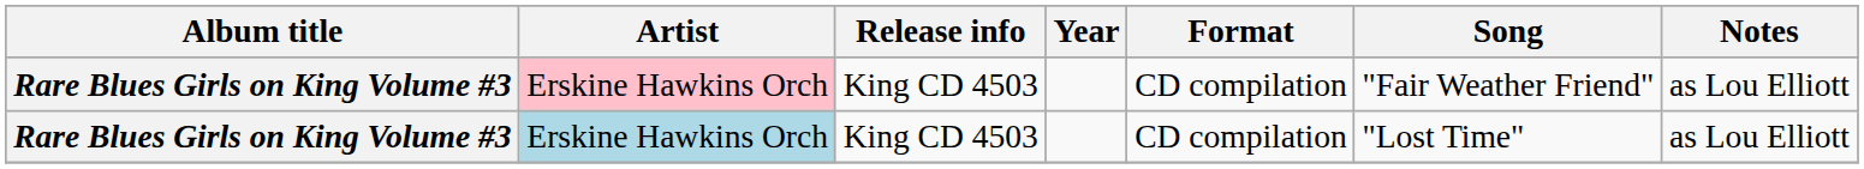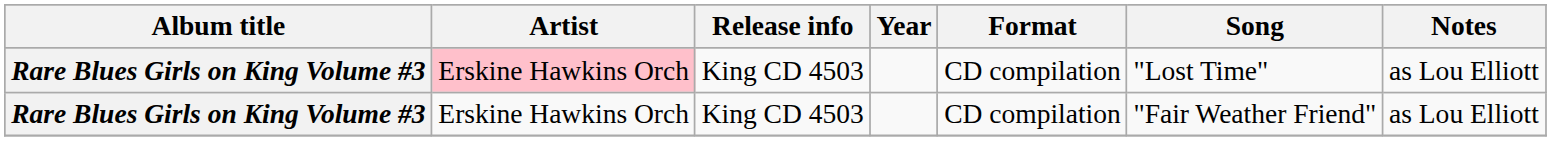 <table class="wikitable plainrowheaders sortable">
 <tr>
 <th scope="col">Album title</th>
 <th scope="col">Artist</th>
 <th scope="col">Release info</th>
 <th scope="col">Year</th>
 <th scope="col">Format</th>
 <th scope="col">Song</th>
 <th scope="col" class="unsortable">Notes</th>
 </tr>
 <tr>
 <th scope="row"><em>Rare Blues Girls on King Volume #3</em></th>
 <td style="background: pink;">Erskine Hawkins Orch</td>
 <td>King CD 4503</td>
 <td></td>
 <td>CD compilation</td>
-<td>"Fair Weather Friend"</td>
+<td>"Lost Time"</td>
 <td>as Lou Elliott</td>
 </tr>
 <tr>
 <th scope="row"><em>Rare Blues Girls on King Volume #3</em></th>
-<td style="background: lightblue;">Erskine Hawkins Orch</td>
+<td>Erskine Hawkins Orch</td>
 <td>King CD 4503</td>
 <td></td>
 <td>CD compilation</td>
-<td>"Lost Time"</td>
+<td>"Fair Weather Friend"</td>
 <td>as Lou Elliott</td>
 </tr>
 <tr>
 </tr>
 </table>
